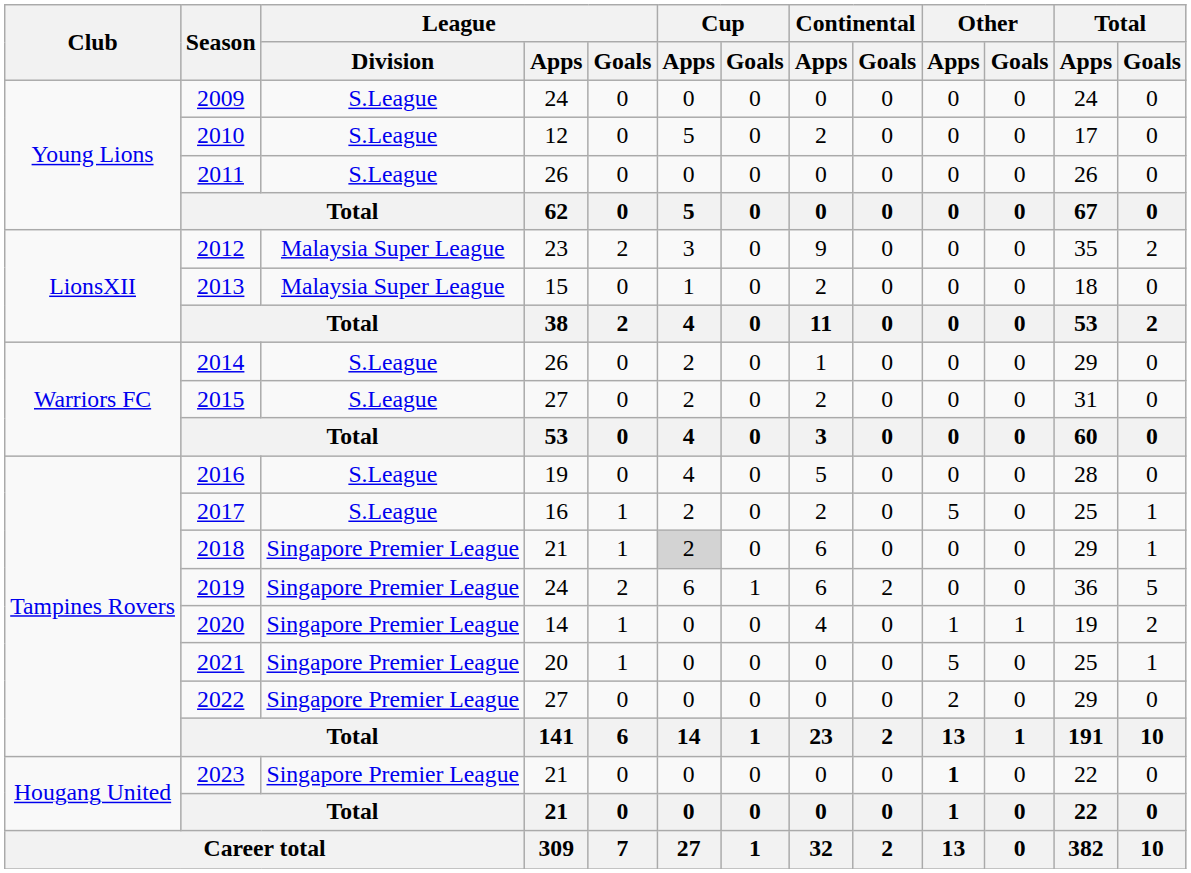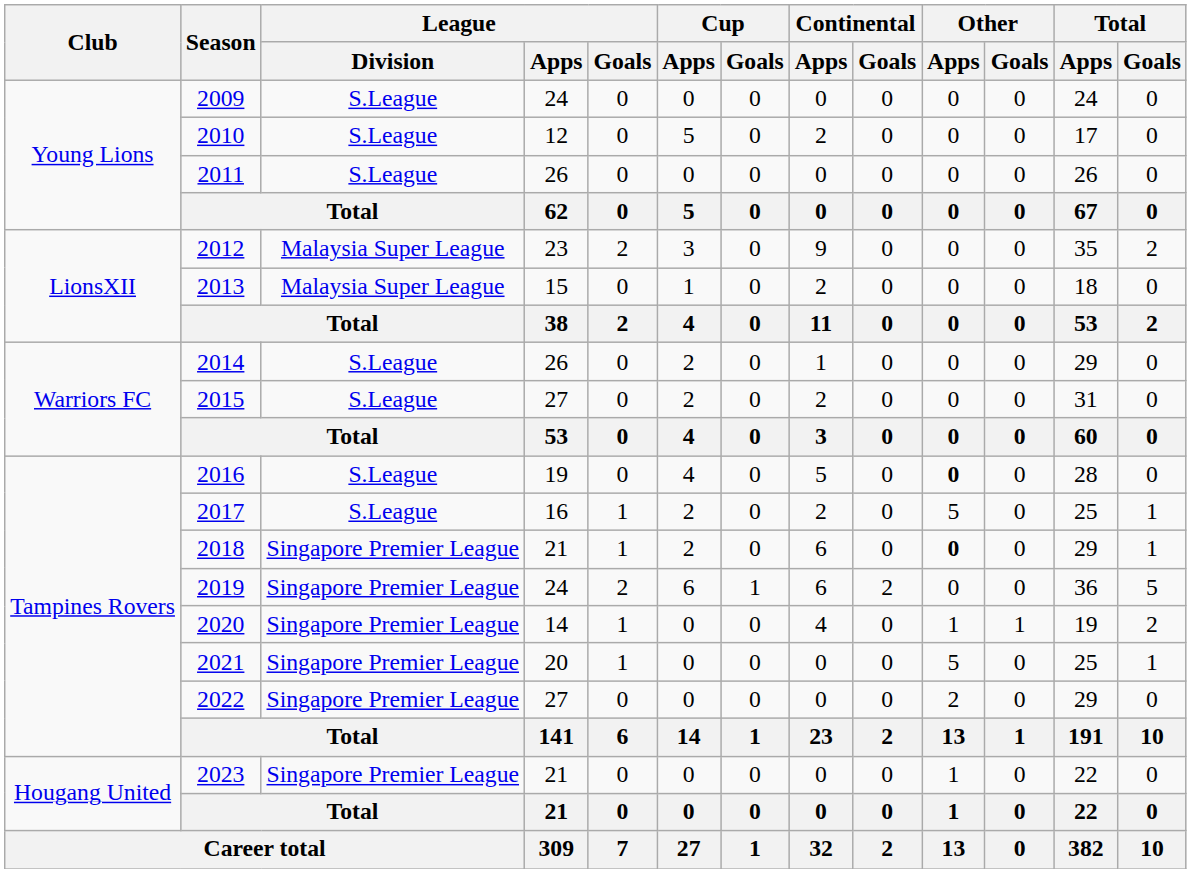 <table class="wikitable" style="text-align: center">
 <tr>
 <th rowspan="2">Club</th>
 <th rowspan="2">Season</th>
 <th colspan="3">League</th>
 <th colspan="2">Cup</th>
 <th colspan="2">Continental</th>
 <th colspan="2">Other</th>
 <th colspan="2">Total</th>
 </tr>
 <tr>
 <th>Division</th>
 <th>Apps</th>
 <th>Goals</th>
 <th>Apps</th>
 <th>Goals</th>
 <th>Apps</th>
 <th>Goals</th>
 <th>Apps</th>
 <th>Goals</th>
 <th>Apps</th>
 <th>Goals</th>
 </tr>
 <tr>
 <td rowspan="4"><a href='#'>Young Lions</a></td>
 <td><a href='#'>2009</a></td>
 <td><a href='#'>S.League</a></td>
 <td>24</td>
 <td>0</td>
 <td>0</td>
 <td>0</td>
 <td>0</td>
 <td>0</td>
 <td>0</td>
 <td>0</td>
 <td>24</td>
 <td>0</td>
 </tr>
 <tr>
 <td><a href='#'>2010</a></td>
 <td><a href='#'>S.League</a></td>
 <td>12</td>
 <td>0</td>
 <td>5</td>
 <td>0</td>
 <td>2</td>
 <td>0</td>
 <td>0</td>
 <td>0</td>
 <td>17</td>
 <td>0</td>
 </tr>
 <tr>
 <td><a href='#'>2011</a></td>
 <td><a href='#'>S.League</a></td>
 <td>26</td>
 <td>0</td>
 <td>0</td>
 <td>0</td>
 <td>0</td>
 <td>0</td>
 <td>0</td>
 <td>0</td>
 <td>26</td>
 <td>0</td>
 </tr>
 <tr>
 <th colspan=2>Total</th>
 <th>62</th>
 <th>0</th>
 <th>5</th>
 <th>0</th>
 <th>0</th>
 <th>0</th>
 <th>0</th>
 <th>0</th>
 <th>67</th>
 <th>0</th>
 </tr>
 <tr>
 <td rowspan="3"><a href='#'>LionsXII</a></td>
 <td><a href='#'>2012</a></td>
 <td><a href='#'>Malaysia Super League</a></td>
 <td>23</td>
 <td>2</td>
 <td>3</td>
 <td>0</td>
 <td>9</td>
 <td>0</td>
 <td>0</td>
 <td>0</td>
 <td>35</td>
 <td>2</td>
 </tr>
 <tr>
 <td><a href='#'>2013</a></td>
 <td><a href='#'>Malaysia Super League</a></td>
 <td>15</td>
 <td>0</td>
 <td>1</td>
 <td>0</td>
 <td>2</td>
 <td>0</td>
 <td>0</td>
 <td>0</td>
 <td>18</td>
 <td>0</td>
 </tr>
 <tr>
 <th colspan=2>Total</th>
 <th>38</th>
 <th>2</th>
 <th>4</th>
 <th>0</th>
 <th>11</th>
 <th>0</th>
 <th>0</th>
 <th>0</th>
 <th>53</th>
 <th>2</th>
 </tr>
 <tr>
 <td rowspan="3"><a href='#'>Warriors FC</a></td>
 <td><a href='#'>2014</a></td>
 <td><a href='#'>S.League</a></td>
 <td>26</td>
 <td>0</td>
 <td>2</td>
 <td>0</td>
 <td>1</td>
 <td>0</td>
 <td>0</td>
 <td>0</td>
 <td>29</td>
 <td>0</td>
 </tr>
 <tr>
 <td><a href='#'>2015</a></td>
 <td><a href='#'>S.League</a></td>
 <td>27</td>
 <td>0</td>
 <td>2</td>
 <td>0</td>
 <td>2</td>
 <td>0</td>
 <td>0</td>
 <td>0</td>
 <td>31</td>
 <td>0</td>
 </tr>
 <tr>
 <th colspan=2>Total</th>
 <th>53</th>
 <th>0</th>
 <th>4</th>
 <th>0</th>
 <th>3</th>
 <th>0</th>
 <th>0</th>
 <th>0</th>
 <th>60</th>
 <th>0</th>
 </tr>
 <tr>
 <td rowspan="8"><a href='#'>Tampines Rovers</a></td>
 <td><a href='#'>2016</a></td>
 <td><a href='#'>S.League</a></td>
 <td>19</td>
 <td>0</td>
 <td>4</td>
 <td>0</td>
 <td>5</td>
 <td>0</td>
-<td>0</td>
+<td><strong>0</strong></td>
 <td>0</td>
 <td>28</td>
 <td>0</td>
 </tr>
 <tr>
 <td><a href='#'>2017</a></td>
 <td><a href='#'>S.League</a></td>
 <td>16</td>
 <td>1</td>
 <td>2</td>
 <td>0</td>
 <td>2</td>
 <td>0</td>
 <td>5</td>
 <td>0</td>
 <td>25</td>
 <td>1</td>
 </tr>
 <tr>
 <td><a href='#'>2018</a></td>
 <td><a href='#'>Singapore Premier League</a></td>
 <td>21</td>
 <td>1</td>
-<td style="background: lightgrey;">2</td>
+<td>2</td>
 <td>0</td>
 <td>6</td>
 <td>0</td>
-<td>0</td>
+<td><strong>0</strong></td>
 <td>0</td>
 <td>29</td>
 <td>1</td>
 </tr>
 <tr>
 <td><a href='#'>2019</a></td>
 <td><a href='#'>Singapore Premier League</a></td>
 <td>24</td>
 <td>2</td>
 <td>6</td>
 <td>1</td>
 <td>6</td>
 <td>2</td>
 <td>0</td>
 <td>0</td>
 <td>36</td>
 <td>5</td>
 </tr>
 <tr>
 <td><a href='#'>2020</a></td>
 <td><a href='#'>Singapore Premier League</a></td>
 <td>14</td>
 <td>1</td>
 <td>0</td>
 <td>0</td>
 <td>4</td>
 <td>0</td>
 <td>1</td>
 <td>1</td>
 <td>19</td>
 <td>2</td>
 </tr>
 <tr>
 <td><a href='#'>2021</a></td>
 <td><a href='#'>Singapore Premier League</a></td>
 <td>20</td>
 <td>1</td>
 <td>0</td>
 <td>0</td>
 <td>0</td>
 <td>0</td>
 <td>5</td>
 <td>0</td>
 <td>25</td>
 <td>1</td>
 </tr>
 <tr>
 <td><a href='#'>2022</a></td>
 <td><a href='#'>Singapore Premier League</a></td>
 <td>27</td>
 <td>0</td>
 <td>0</td>
 <td>0</td>
 <td>0</td>
 <td>0</td>
 <td>2</td>
 <td>0</td>
 <td>29</td>
 <td>0</td>
 </tr>
 <tr>
 <th colspan=2>Total</th>
 <th>141</th>
 <th>6</th>
 <th>14</th>
 <th>1</th>
 <th>23</th>
 <th>2</th>
 <th>13</th>
 <th>1</th>
 <th>191</th>
 <th>10</th>
 </tr>
 <tr>
 <td rowspan="2"><a href='#'>Hougang United</a></td>
 <td><a href='#'>2023</a></td>
 <td><a href='#'>Singapore Premier League</a></td>
 <td>21</td>
 <td>0</td>
 <td>0</td>
 <td>0</td>
 <td>0</td>
 <td>0</td>
-<td><strong>1</strong></td>
+<td>1</td>
 <td>0</td>
 <td>22</td>
 <td>0</td>
 </tr>
 <tr>
 <th colspan=2>Total</th>
 <th>21</th>
 <th>0</th>
 <th>0</th>
 <th>0</th>
 <th>0</th>
 <th>0</th>
 <th>1</th>
 <th>0</th>
 <th>22</th>
 <th>0</th>
 </tr>
 <tr>
 <th colspan=3>Career total</th>
 <th>309</th>
 <th>7</th>
 <th>27</th>
 <th>1</th>
 <th>32</th>
 <th>2</th>
 <th>13</th>
 <th>0</th>
 <th>382</th>
 <th>10</th>
 </tr>
 </table>
